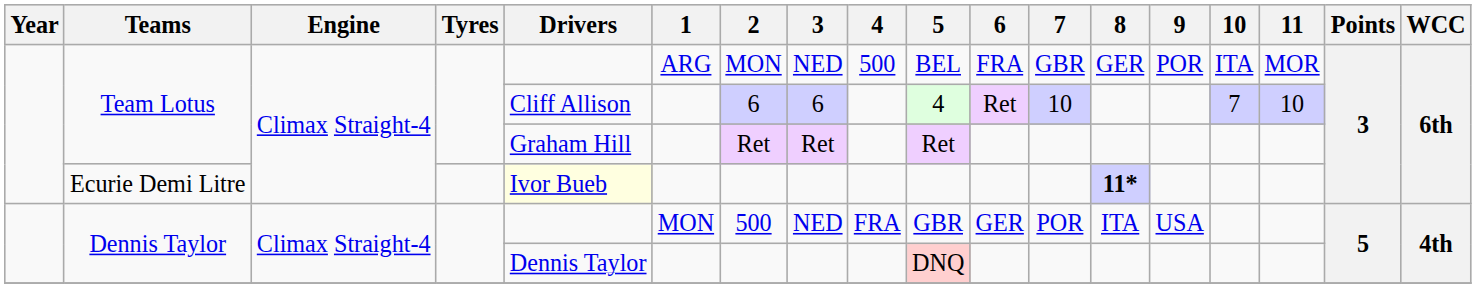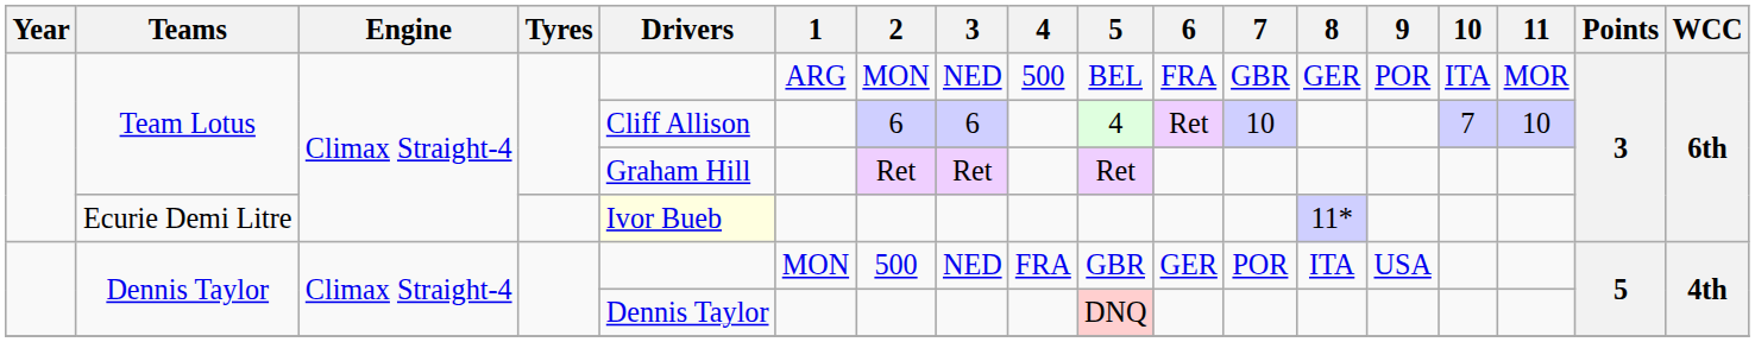 <table class="wikitable" style="text-align:center; font-size:95%">
 <tr>
 <th>Year</th>
 <th>Teams</th>
 <th>Engine</th>
 <th>Tyres</th>
 <th>Drivers</th>
 <th>1</th>
 <th>2</th>
 <th>3</th>
 <th>4</th>
 <th>5</th>
 <th>6</th>
 <th>7</th>
 <th>8</th>
 <th>9</th>
 <th>10</th>
 <th>11</th>
 <th>Points</th>
 <th>WCC</th>
 </tr>
 <tr>
 <td rowspan="4"></td>
 <td rowspan="3"><a href='#'>Team Lotus</a></td>
 <td rowspan="4"><a href='#'>Climax</a> <a href='#'>Straight-4</a></td>
 <td rowspan="3"></td>
 <td></td>
 <td><a href='#'>ARG</a></td>
 <td><a href='#'>MON</a></td>
 <td><a href='#'>NED</a></td>
 <td><a href='#'>500</a></td>
 <td><a href='#'>BEL</a></td>
 <td><a href='#'>FRA</a></td>
 <td><a href='#'>GBR</a></td>
 <td><a href='#'>GER</a></td>
 <td><a href='#'>POR</a></td>
 <td><a href='#'>ITA</a></td>
 <td><a href='#'>MOR</a></td>
 <th rowspan="4">3</th>
 <th rowspan="4">6th</th>
 </tr>
 <tr>
 <td align="left"><a href='#'>Cliff Allison</a></td>
 <td></td>
 <td style="background:#CFCFFF;">6</td>
 <td style="background:#CFCFFF;">6</td>
 <td></td>
 <td style="background:#DFFFDF;">4</td>
 <td style="background:#EFCFFF;">Ret</td>
 <td style="background:#CFCFFF;">10</td>
 <td></td>
 <td></td>
 <td style="background:#CFCFFF;">7</td>
 <td style="background:#CFCFFF;">10</td>
 </tr>
 <tr>
 <td align="left"><a href='#'>Graham Hill</a></td>
 <td></td>
 <td style="background:#EFCFFF;">Ret</td>
 <td style="background:#EFCFFF;">Ret</td>
 <td></td>
 <td style="background:#EFCFFF;">Ret</td>
 <td></td>
 <td></td>
 <td></td>
 <td></td>
 <td></td>
 <td></td>
 </tr>
 <tr>
 <td>Ecurie Demi Litre</td>
 <td></td>
 <td align="left" style="background: lightyellow;"><a href='#'>Ivor Bueb</a></td>
 <td></td>
 <td></td>
 <td></td>
 <td></td>
 <td></td>
 <td></td>
 <td></td>
-<td style="background:#CFCFFF;"><strong>11*</strong></td>
+<td style="background:#CFCFFF;">11*</td>
 <td></td>
 <td></td>
 <td></td>
 </tr>
 <tr>
 <td rowspan="2"></td>
 <td rowspan="2"><a href='#'>Dennis Taylor</a></td>
 <td rowspan="2"><a href='#'>Climax</a> <a href='#'>Straight-4</a></td>
 <td rowspan="2"></td>
 <td></td>
 <td><a href='#'>MON</a></td>
 <td><a href='#'>500</a></td>
 <td><a href='#'>NED</a></td>
 <td><a href='#'>FRA</a></td>
 <td><a href='#'>GBR</a></td>
 <td><a href='#'>GER</a></td>
 <td><a href='#'>POR</a></td>
 <td><a href='#'>ITA</a></td>
 <td><a href='#'>USA</a></td>
 <td></td>
 <td></td>
 <th rowspan="2">5</th>
 <th rowspan="2">4th</th>
 </tr>
 <tr>
 <td align="left"><a href='#'>Dennis Taylor</a></td>
 <td></td>
 <td></td>
 <td></td>
 <td></td>
 <td style="background:#FFCFCF;">DNQ</td>
 <td></td>
 <td></td>
 <td></td>
 <td></td>
 <td></td>
 <td></td>
 </tr>
 <tr>
 </tr>
 </table>
